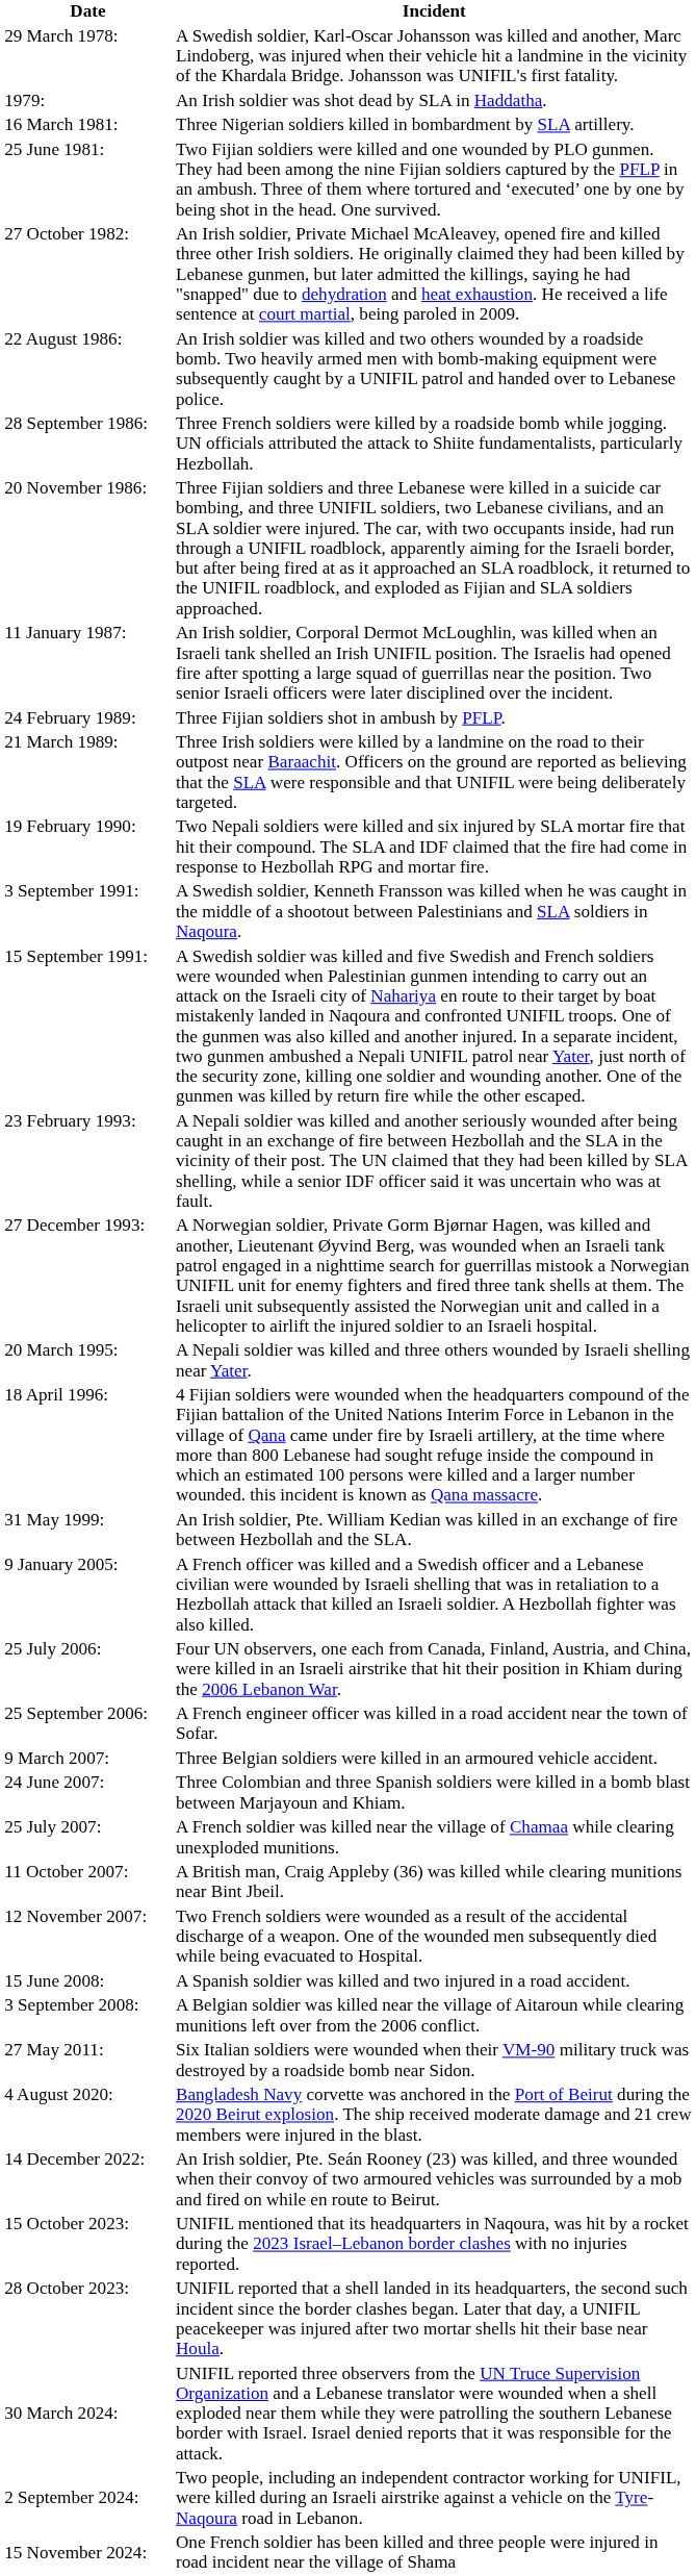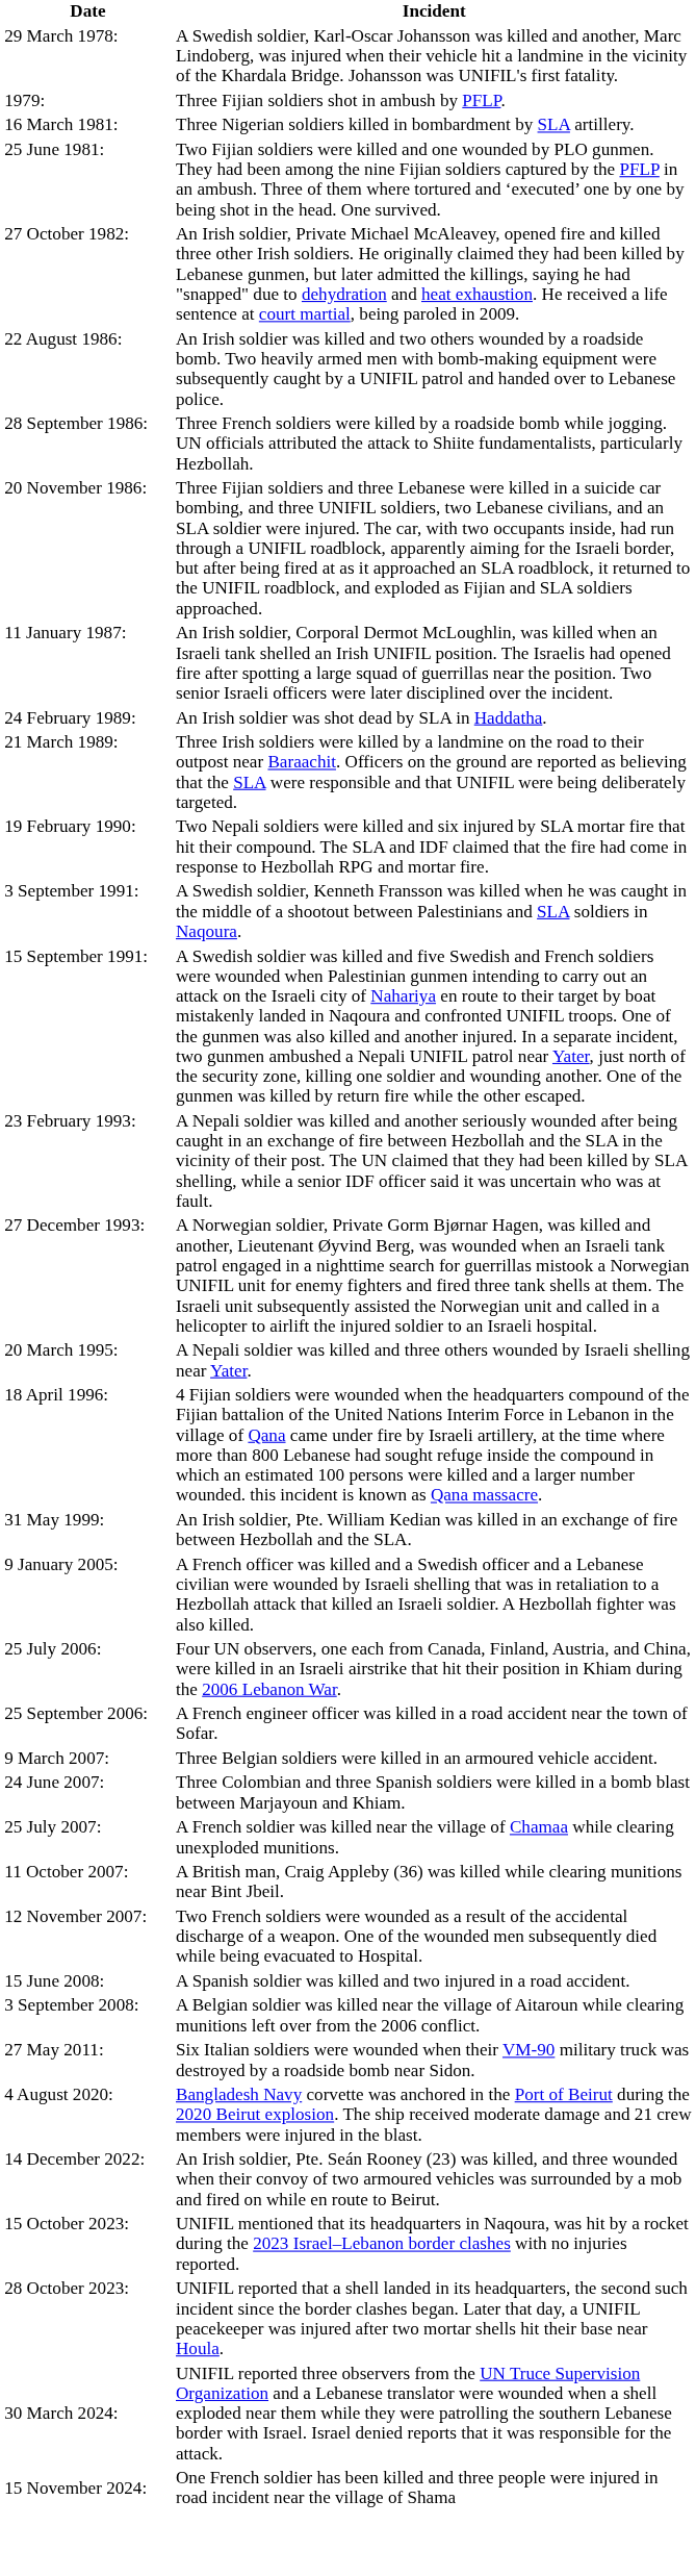 <table>
 <tr>
 <th style="width:150px;">Date</th>
 <th>Incident</th>
 </tr>
 <tr valign="top">
 <td>29 March 1978:</td>
 <td>A Swedish soldier, Karl-Oscar Johansson was killed and another, Marc Lindoberg, was injured when their vehicle hit a landmine in the vicinity of the Khardala Bridge. Johansson was UNIFIL's first fatality.</td>
 </tr>
 <tr valign="top">
 <td>1979:</td>
-<td>An Irish soldier was shot dead by SLA in <a href='#'>Haddatha</a>.</td>
+<td>Three Fijian soldiers shot in ambush by <a href='#'>PFLP</a>.</td>
 </tr>
 <tr valign="top">
 <td>16 March 1981:</td>
 <td>Three Nigerian soldiers killed in bombardment by <a href='#'>SLA</a> artillery.</td>
 </tr>
 <tr valign="top">
 <td>25 June 1981:</td>
 <td>Two Fijian soldiers were killed and one wounded by PLO gunmen. They had been among the nine Fijian soldiers captured by the <a href='#'>PFLP</a> in an ambush. Three of them where tortured and ‘executed’ one by one by being shot in the head. One survived.</td>
 </tr>
 <tr valign="top">
 <td>27 October 1982:</td>
 <td>An Irish soldier, Private Michael McAleavey, opened fire and killed three other Irish soldiers. He originally claimed they had been killed by Lebanese gunmen, but later admitted the killings, saying he had "snapped" due to <a href='#'>dehydration</a> and <a href='#'>heat exhaustion</a>. He received a life sentence at <a href='#'>court martial</a>, being paroled in 2009.</td>
 </tr>
 <tr valign="top">
 <td>22 August 1986:</td>
 <td>An Irish soldier was killed and two others wounded by a roadside bomb. Two heavily armed men with bomb-making equipment were subsequently caught by a UNIFIL patrol and handed over to Lebanese police.</td>
 </tr>
 <tr valign="top">
 <td>28 September 1986:</td>
 <td>Three French soldiers were killed by a roadside bomb while jogging. UN officials attributed the attack to Shiite fundamentalists, particularly Hezbollah.</td>
 </tr>
 <tr valign="top">
 <td>20 November 1986:</td>
 <td>Three Fijian soldiers and three Lebanese were killed in a suicide car bombing, and three UNIFIL soldiers, two Lebanese civilians, and an SLA soldier were injured. The car, with two occupants inside, had run through a UNIFIL roadblock, apparently aiming for the Israeli border, but after being fired at as it approached an SLA roadblock, it returned to the UNIFIL roadblock, and exploded as Fijian and SLA soldiers approached.</td>
 </tr>
 <tr valign="top">
 <td>11 January 1987:</td>
 <td>An Irish soldier, Corporal Dermot McLoughlin, was killed when an Israeli tank shelled an Irish UNIFIL position. The Israelis had opened fire after spotting a large squad of guerrillas near the position. Two senior Israeli officers were later disciplined over the incident.</td>
 </tr>
 <tr valign="top">
 <td>24 February 1989:</td>
-<td>Three Fijian soldiers shot in ambush by <a href='#'>PFLP</a>.</td>
+<td>An Irish soldier was shot dead by SLA in <a href='#'>Haddatha</a>.</td>
 </tr>
 <tr valign="top">
 <td>21 March 1989:</td>
 <td>Three Irish soldiers were killed by a landmine on the road to their outpost near <a href='#'>Baraachit</a>. Officers on the ground are reported as believing that the <a href='#'>SLA</a> were responsible and that UNIFIL were being deliberately targeted.</td>
 </tr>
 <tr valign="top">
 <td>19 February 1990:</td>
 <td>Two Nepali soldiers were killed and six injured by SLA mortar fire that hit their compound. The SLA and IDF claimed that the fire had come in response to Hezbollah RPG and mortar fire.</td>
 </tr>
 <tr valign="top">
 <td>3 September 1991:</td>
 <td>A Swedish soldier, Kenneth Fransson was killed when he was caught in the middle of a shootout between Palestinians and <a href='#'>SLA</a> soldiers in <a href='#'>Naqoura</a>.</td>
 </tr>
 <tr valign="top">
 <td>15 September 1991:</td>
 <td>A Swedish soldier was killed and five Swedish and French soldiers were wounded when Palestinian gunmen intending to carry out an attack on the Israeli city of <a href='#'>Nahariya</a> en route to their target by boat mistakenly landed in Naqoura and confronted UNIFIL troops. One of the gunmen was also killed and another injured. In a separate incident, two gunmen ambushed a Nepali UNIFIL patrol near <a href='#'>Yater</a>, just north of the security zone, killing one soldier and wounding another. One of the gunmen was killed by return fire while the other escaped.</td>
 </tr>
 <tr valign="top">
 <td>23 February 1993:</td>
 <td>A Nepali soldier was killed and another seriously wounded after being caught in an exchange of fire between Hezbollah and the SLA in the vicinity of their post. The UN claimed that they had been killed by SLA shelling, while a senior IDF officer said it was uncertain who was at fault.</td>
 </tr>
 <tr valign="top">
 <td>27 December 1993:</td>
 <td>A Norwegian soldier, Private Gorm Bjørnar Hagen, was killed and another, Lieutenant Øyvind Berg, was wounded when an Israeli tank patrol engaged in a nighttime search for guerrillas mistook a Norwegian UNIFIL unit for enemy fighters and fired three tank shells at them. The Israeli unit subsequently assisted the Norwegian unit and called in a helicopter to airlift the injured soldier to an Israeli hospital.</td>
 </tr>
 <tr valign="top">
 <td>20 March 1995:</td>
 <td>A Nepali soldier was killed and three others wounded by Israeli shelling near <a href='#'>Yater</a>.</td>
 </tr>
 <tr valign="top">
 <td>18 April 1996:</td>
 <td>4 Fijian soldiers were wounded when the headquarters compound of the Fijian battalion of the United Nations Interim Force in Lebanon in the village of <a href='#'>Qana</a> came under fire by Israeli artillery, at the time where more than 800 Lebanese had sought refuge inside the compound in which an estimated 100 persons were killed and a larger number wounded. this incident is known as <a href='#'>Qana massacre</a>.</td>
 </tr>
 <tr valign="top">
 <td>31 May 1999:</td>
 <td>An Irish soldier, Pte. William Kedian was killed in an exchange of fire between Hezbollah and the SLA.</td>
 </tr>
 <tr valign="top">
 <td>9 January 2005:</td>
 <td>A French officer was killed and a Swedish officer and a Lebanese civilian were wounded by Israeli shelling that was in retaliation to a Hezbollah attack that killed an Israeli soldier. A Hezbollah fighter was also killed.</td>
 </tr>
 <tr valign="top">
 <td>25 July 2006:</td>
 <td>Four UN observers, one each from Canada, Finland, Austria, and China, were killed in an Israeli airstrike that hit their position in Khiam during the <a href='#'>2006 Lebanon War</a>.</td>
 </tr>
 <tr valign="top">
 <td>25 September 2006:</td>
 <td>A French engineer officer was killed in a road accident near the town of Sofar.</td>
 </tr>
 <tr valign="top">
 <td>9 March 2007:</td>
 <td>Three Belgian soldiers were killed in an armoured vehicle accident.</td>
 </tr>
 <tr valign="top">
 <td>24 June 2007:</td>
 <td>Three Colombian and three Spanish soldiers were killed in a bomb blast between Marjayoun and Khiam.</td>
 </tr>
 <tr valign="top">
 <td>25 July 2007:</td>
 <td>A French soldier was killed near the village of <a href='#'>Chamaa</a> while clearing unexploded munitions.</td>
 </tr>
 <tr valign="top">
 <td>11 October 2007:</td>
 <td>A British man, Craig Appleby (36) was killed while clearing munitions near Bint Jbeil.</td>
 </tr>
 <tr valign="top">
 <td>12 November 2007:</td>
 <td>Two French soldiers were wounded as a result of the accidental discharge of a weapon. One of the wounded men subsequently died while being evacuated to Hospital.</td>
 </tr>
 <tr valign="top">
 <td>15 June 2008:</td>
 <td>A Spanish soldier was killed and two injured in a road accident.</td>
 </tr>
 <tr valign="top">
 <td>3 September 2008:</td>
 <td>A Belgian soldier was killed near the village of Aitaroun while clearing munitions left over from the 2006 conflict.</td>
 </tr>
 <tr valign="top">
 <td>27 May 2011:</td>
 <td>Six Italian soldiers were wounded when their <a href='#'>VM-90</a> military truck was destroyed by a roadside bomb near Sidon.</td>
 </tr>
 <tr valign="top">
 <td>4 August 2020:</td>
 <td><a href='#'>Bangladesh Navy</a> corvette  was anchored in the <a href='#'>Port of Beirut</a> during the <a href='#'>2020 Beirut explosion</a>. The ship received moderate damage and 21 crew members were injured in the blast.</td>
 </tr>
 <tr valign="top">
 <td>14 December 2022:</td>
 <td>An Irish soldier, Pte. Seán Rooney (23) was killed, and three wounded when their convoy of two armoured vehicles was surrounded by a mob and fired on while en route to Beirut.</td>
 </tr>
 <tr valign="top">
 <td>15 October 2023:</td>
 <td>UNIFIL mentioned that its headquarters in Naqoura, was hit by a rocket during the <a href='#'>2023 Israel–Lebanon border clashes</a> with no injuries reported.</td>
 </tr>
 <tr valign="top">
 <td>28 October 2023:</td>
 <td>UNIFIL reported that a shell landed in its headquarters, the second such incident since the border clashes began. Later that day, a UNIFIL peacekeeper was injured after two mortar shells hit their base near <a href='#'>Houla</a>.</td>
 </tr>
 <tr>
 <td>30 March 2024:</td>
 <td>UNIFIL reported three observers from the <a href='#'>UN Truce Supervision Organization</a> and a Lebanese translator were wounded when a shell exploded near them while they were patrolling the southern Lebanese border with Israel. Israel denied reports that it was responsible for the attack.</td>
 </tr>
 <tr>
-<td>2 September 2024:</td>
-<td>Two people, including an independent contractor working for UNIFIL, were killed during an Israeli airstrike against a vehicle on the <a href='#'>Tyre</a>-<a href='#'>Naqoura</a> road in Lebanon.</td>
-</tr>
-<tr>
 <td>15 November 2024:</td>
 <td>One French soldier has been killed and three people were injured in road incident near the village of Shama</td>
 </tr>
 </table>
